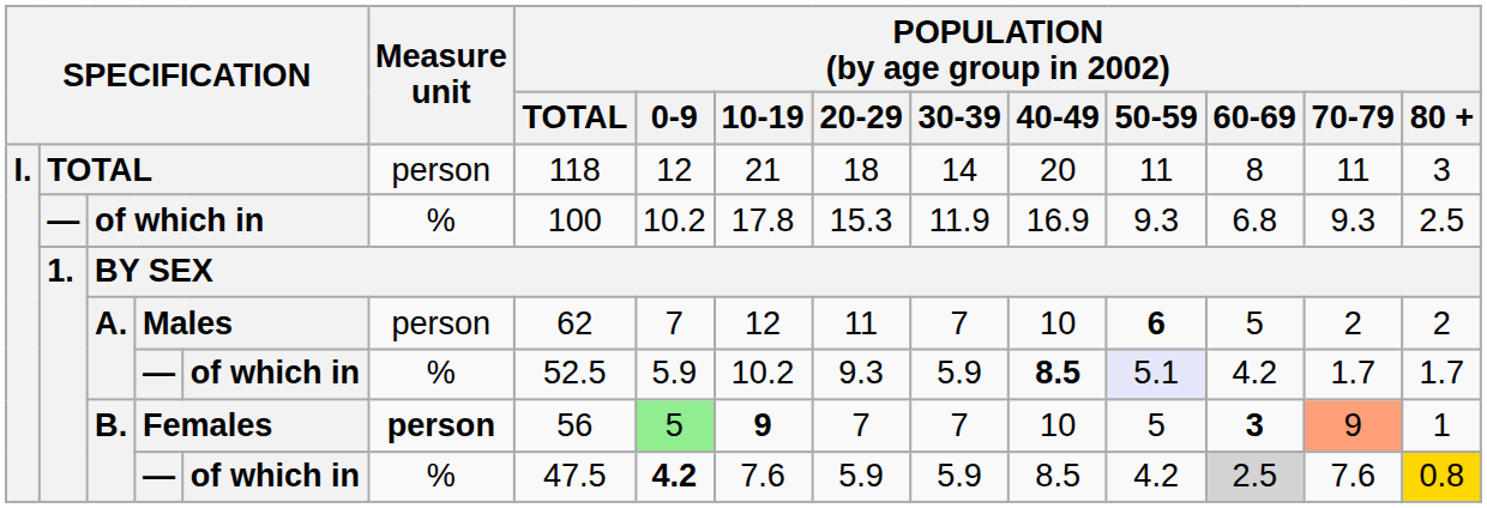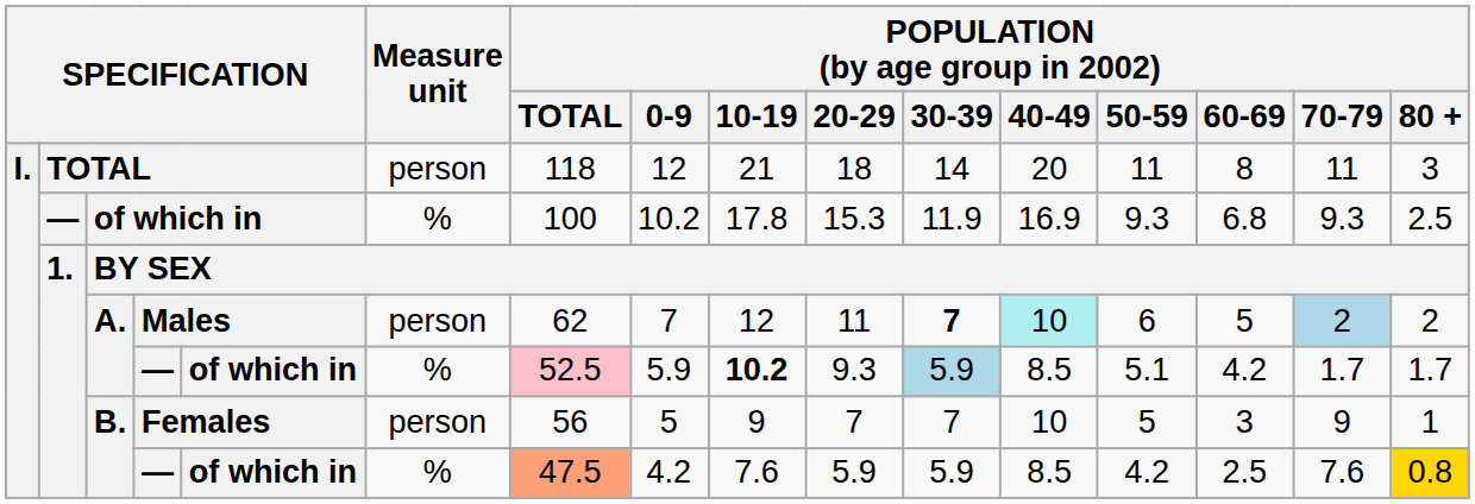 <table class="wikitable" style="font-size:85%; text-align:center">
 <tr>
 <th rowspan="2" colspan="5">SPECIFICATION</th>
 <th rowspan="2">Measure<br> unit</th>
 <th colspan="10" rowspan="1">POPULATION<br> (by age group in 2002)</th>
 </tr>
 <tr>
 <th>TOTAL</th>
 <th>0-9</th>
 <th>10-19</th>
 <th>20-29</th>
 <th>30-39</th>
 <th>40-49</th>
 <th>50-59</th>
 <th>60-69</th>
 <th>70-79</th>
 <th>80 +</th>
 </tr>
 <tr>
 <th style="text-align:left" valign="top" rowspan="7">I.</th>
 <th style="text-align:left" colspan="4">TOTAL</th>
 <td>person</td>
 <td>118</td>
 <td>12</td>
 <td>21</td>
 <td>18</td>
 <td>14</td>
 <td>20</td>
 <td>11</td>
 <td>8</td>
 <td>11</td>
 <td>3</td>
 </tr>
 <tr>
 <th style="text-align:left" valign="top">—</th>
 <th style="text-align:left" colspan="3">of which in</th>
 <td>%</td>
 <td>100</td>
 <td>10.2</td>
 <td>17.8</td>
 <td>15.3</td>
 <td>11.9</td>
 <td>16.9</td>
 <td>9.3</td>
 <td>6.8</td>
 <td>9.3</td>
 <td>2.5</td>
 </tr>
 <tr>
 <th style="text-align:left" valign="top" rowspan="5">1.</th>
 <th style="text-align:left" colspan="14">BY SEX</th>
 </tr>
 <tr>
 <th style="text-align:left" valign="top" rowspan="2">A.</th>
 <th style="text-align:left" colspan="2">Males</th>
 <td>person</td>
 <td>62</td>
 <td>7</td>
 <td>12</td>
 <td>11</td>
-<td>7</td>
-<td>10</td>
-<td><strong>6</strong></td>
+<td><strong>7</strong></td>
+<td style="background: paleturquoise;">10</td>
+<td>6</td>
 <td>5</td>
-<td>2</td>
+<td style="background: lightblue;">2</td>
 <td>2</td>
 </tr>
 <tr>
 <th style="text-align:left" valign="top">—</th>
 <th style="text-align:left" colspan="1">of which in</th>
 <td>%</td>
-<td>52.5</td>
+<td style="background: pink;">52.5</td>
 <td>5.9</td>
-<td>10.2</td>
+<td><strong>10.2</strong></td>
 <td>9.3</td>
-<td>5.9</td>
-<td><strong>8.5</strong></td>
-<td style="background: lavender;">5.1</td>
+<td style="background: lightblue;">5.9</td>
+<td>8.5</td>
+<td>5.1</td>
 <td>4.2</td>
 <td>1.7</td>
 <td>1.7</td>
 </tr>
 <tr>
 <th style="text-align:left" valign="top" rowspan="2">B.</th>
 <th style="text-align:left" colspan="2">Females</th>
-<td><strong>person</strong></td>
+<td>person</td>
 <td>56</td>
-<td style="background: lightgreen;">5</td>
-<td><strong>9</strong></td>
+<td>5</td>
+<td>9</td>
 <td>7</td>
 <td>7</td>
 <td>10</td>
 <td>5</td>
-<td><strong>3</strong></td>
-<td style="background: lightsalmon;">9</td>
+<td>3</td>
+<td>9</td>
 <td>1</td>
 </tr>
 <tr>
 <th style="text-align:left" valign="top">—</th>
 <th style="text-align:left" colspan="1">of which in</th>
 <td>%</td>
-<td>47.5</td>
-<td><strong>4.2</strong></td>
+<td style="background: lightsalmon;">47.5</td>
+<td>4.2</td>
 <td>7.6</td>
 <td>5.9</td>
 <td>5.9</td>
 <td>8.5</td>
 <td>4.2</td>
-<td style="background: lightgrey;">2.5</td>
+<td>2.5</td>
 <td>7.6</td>
 <td style="background: gold;">0.8</td>
 </tr>
 </table>
